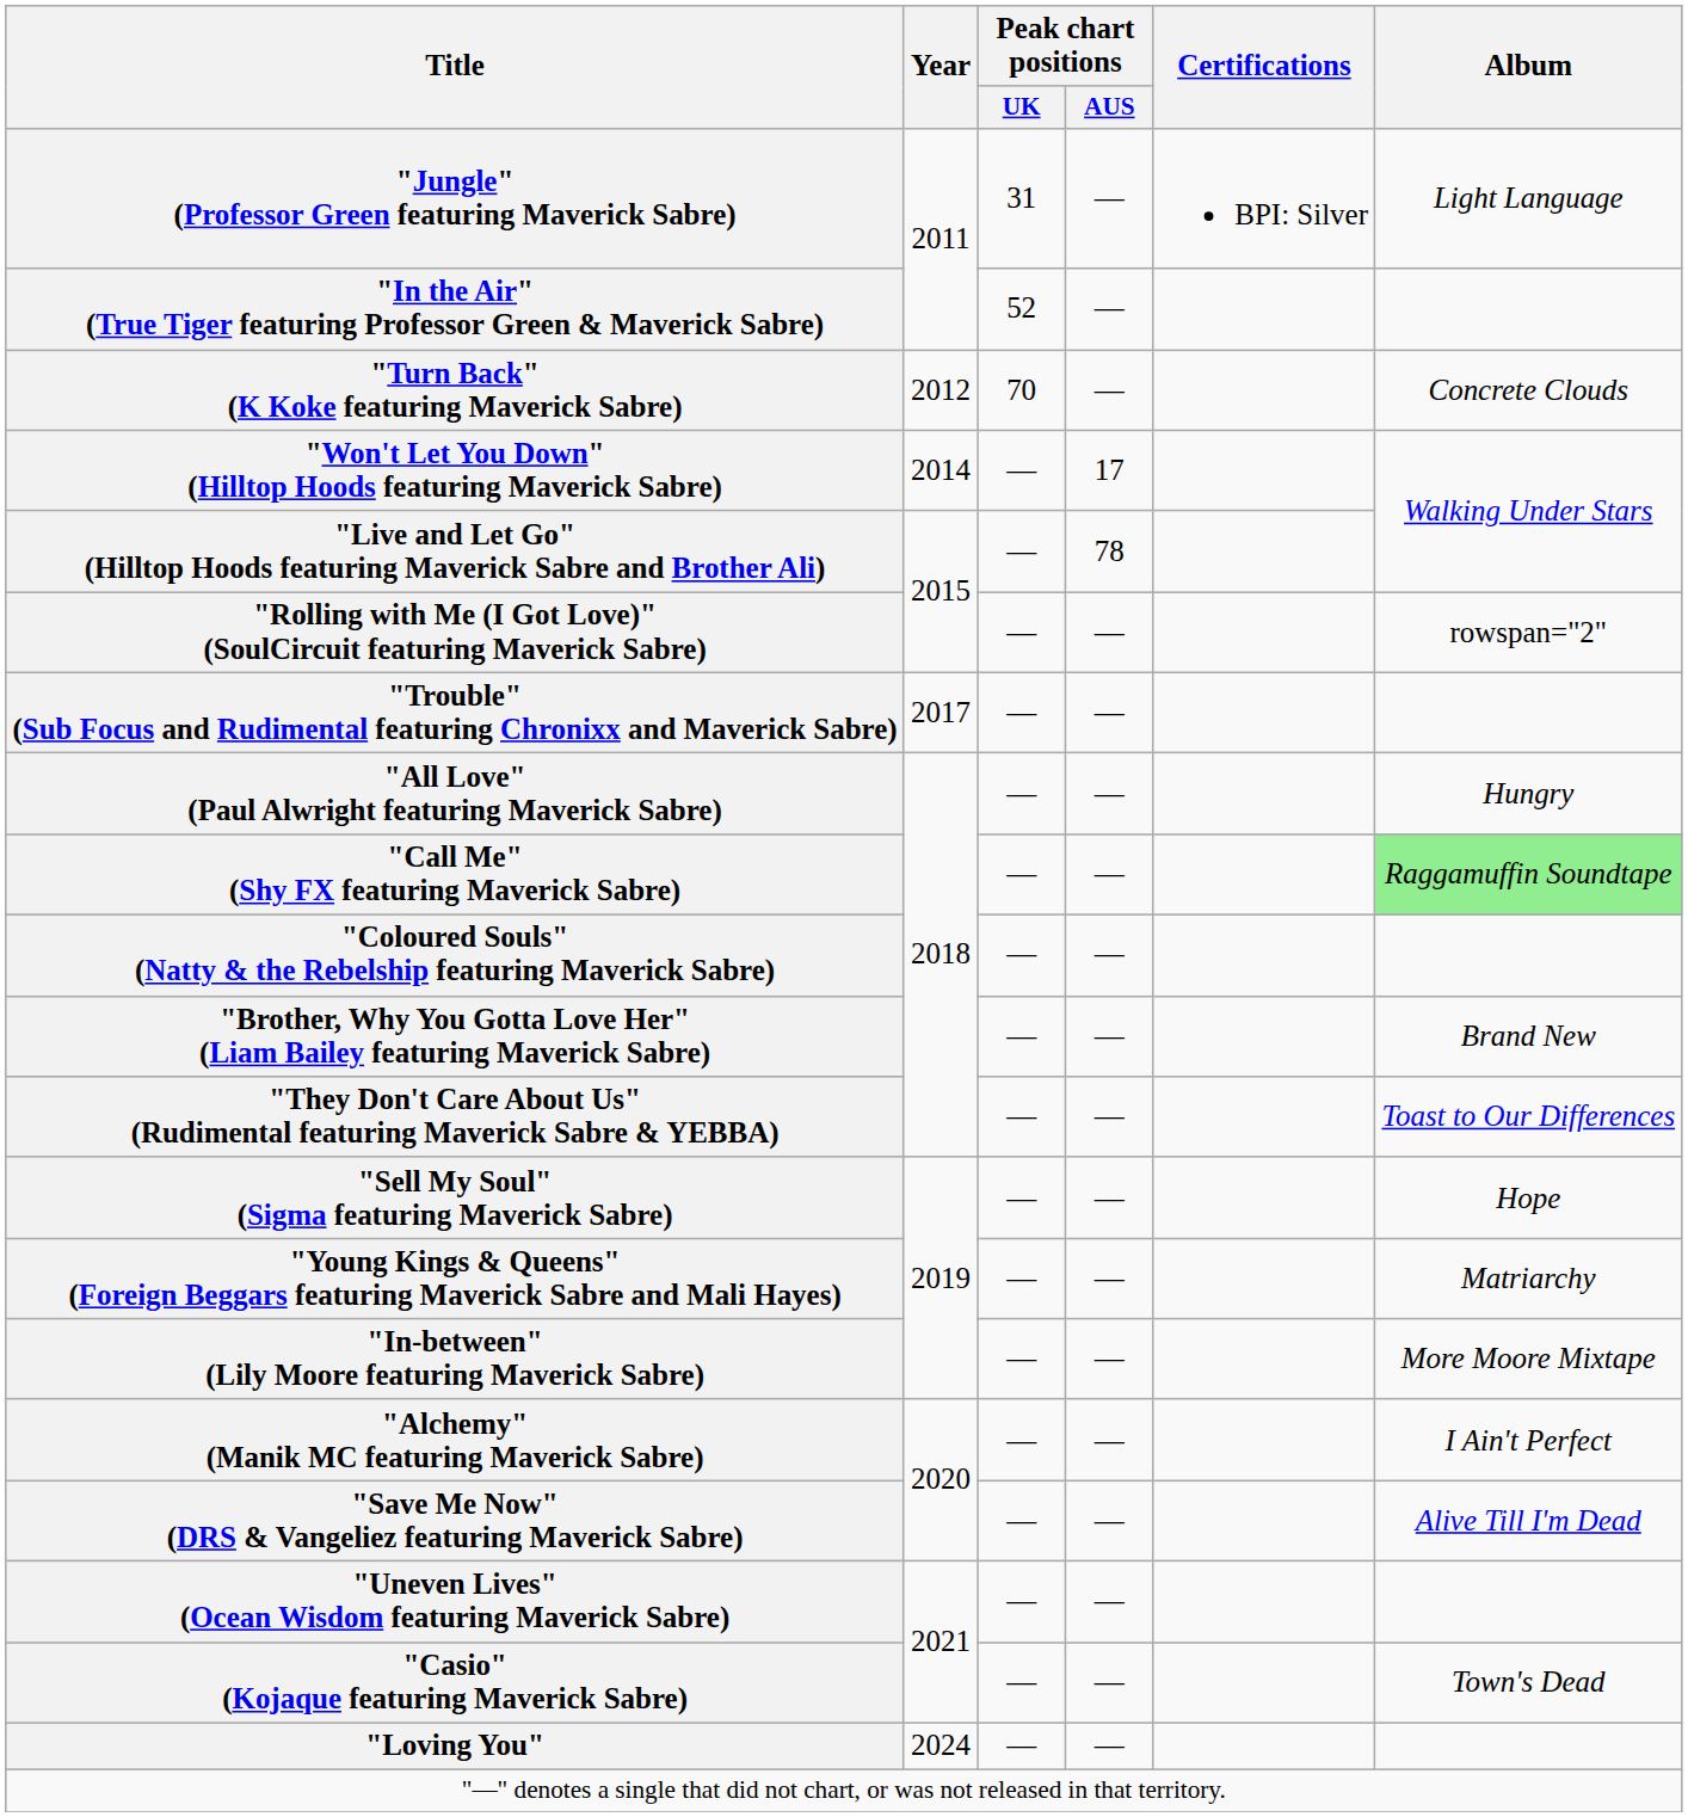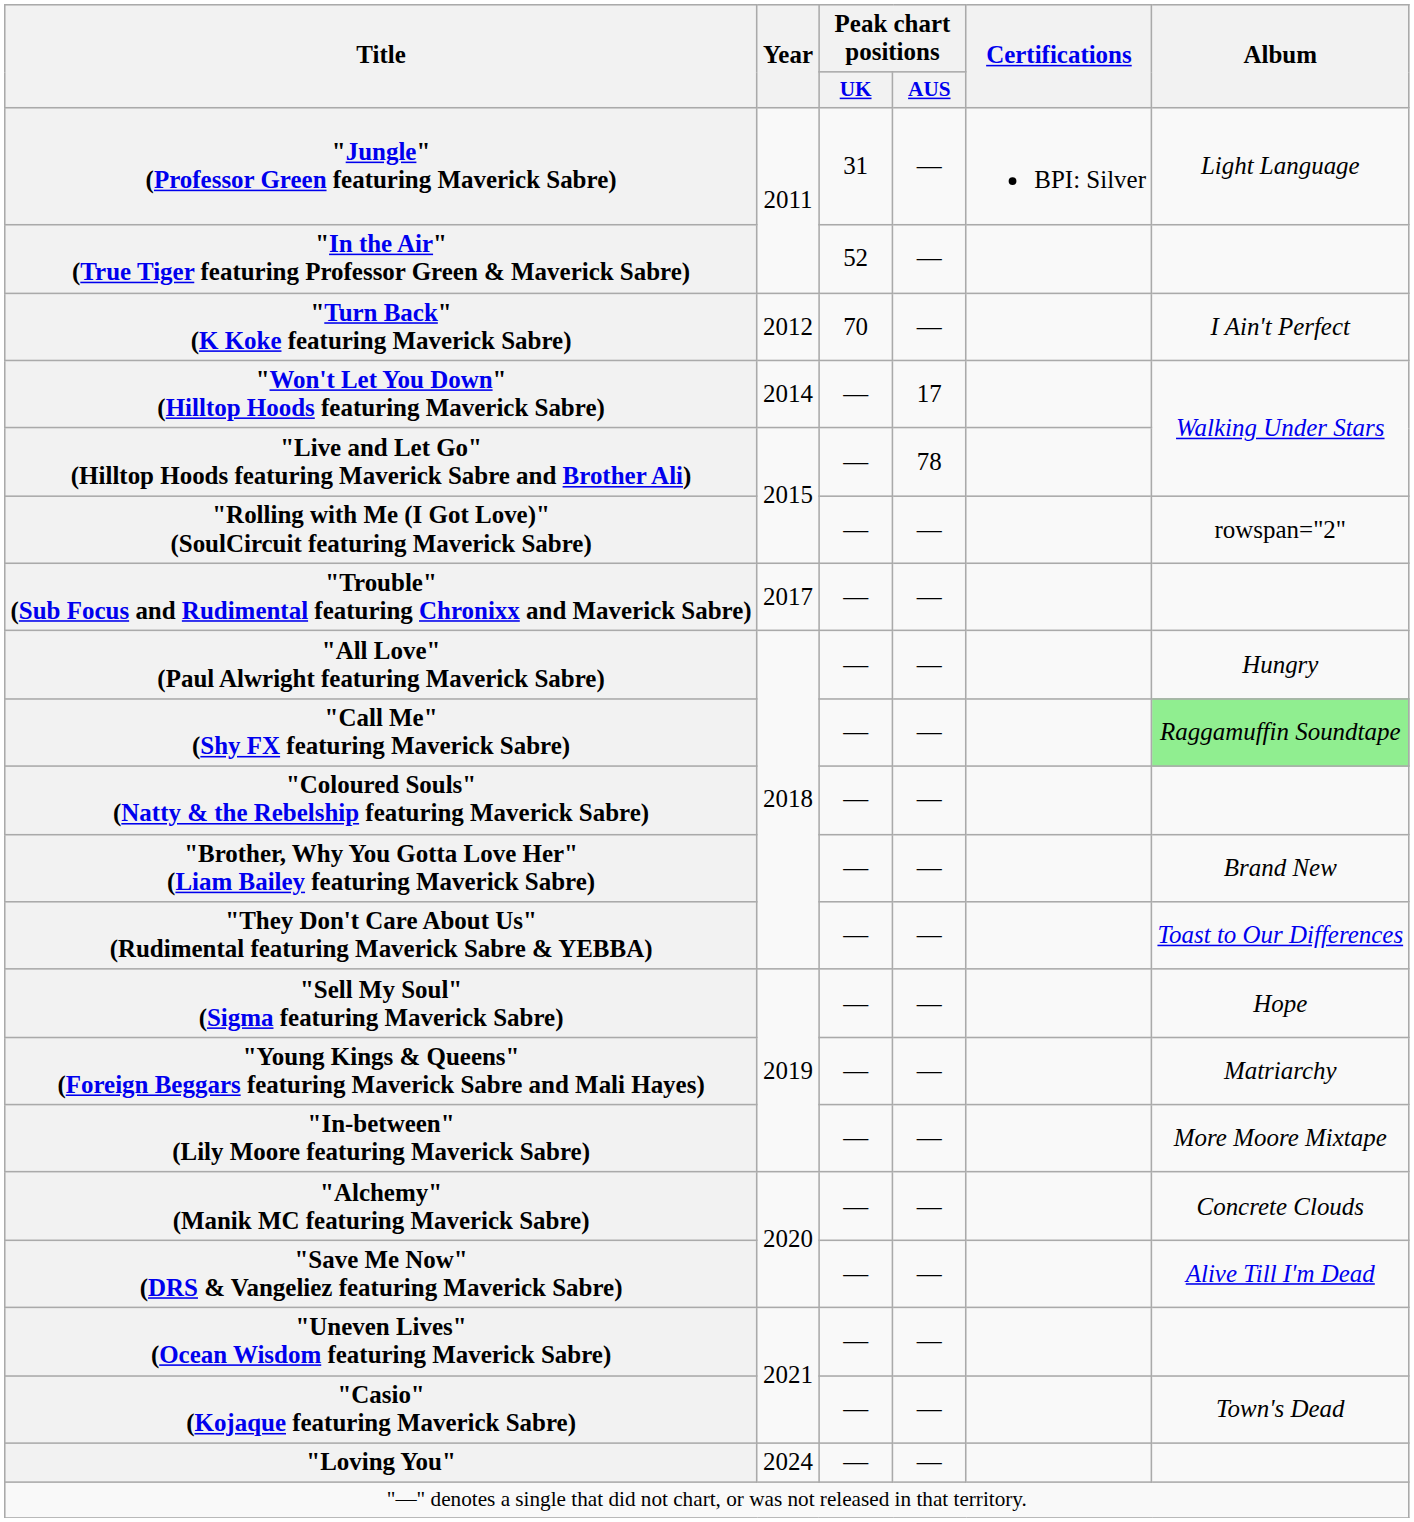 <table class="wikitable plainrowheaders" style="text-align:center;" border="1">
 <tr>
 <th scope="col" rowspan="2">Title</th>
 <th scope="col" rowspan="2">Year</th>
 <th scope="col" colspan="2">Peak chart positions</th>
 <th scope="col" rowspan="2"><a href='#'>Certifications</a></th>
 <th scope="col" rowspan="2">Album</th>
 </tr>
 <tr>
 <th scope="col" style="width:3em;font-size:85%;"><a href='#'>UK</a><br></th>
 <th scope="col" style="width:3em;font-size:85%;"><a href='#'>AUS</a><br></th>
 </tr>
 <tr>
 <th scope="row">"<a href='#'>Jungle</a>"<br><span>(<a href='#'>Professor Green</a> featuring Maverick Sabre)</span></th>
 <td rowspan="2">2011</td>
 <td>31</td>
 <td>—</td>
 <td><br><ul><li>BPI: Silver</li></ul></td>
 <td><em>Light Language</em></td>
 </tr>
 <tr>
 <th scope="row">"<a href='#'>In the Air</a>"<br><span>(<a href='#'>True Tiger</a> featuring Professor Green & Maverick Sabre)</span></th>
 <td>52</td>
 <td>—</td>
 <td></td>
 <td></td>
 </tr>
 <tr>
 <th scope="row">"<a href='#'>Turn Back</a>"<br><span>(<a href='#'>K Koke</a> featuring Maverick Sabre)</span></th>
 <td>2012</td>
 <td>70</td>
 <td>—</td>
 <td></td>
-<td><em>Concrete Clouds</em></td>
+<td><em>I Ain't Perfect</em></td>
 </tr>
 <tr>
 <th scope="row">"<a href='#'>Won't Let You Down</a>"<br><span>(<a href='#'>Hilltop Hoods</a> featuring Maverick Sabre)</span></th>
 <td>2014</td>
 <td>—</td>
 <td>17</td>
 <td></td>
 <td rowspan="2"><em><a href='#'>Walking Under Stars</a></em></td>
 </tr>
 <tr>
 <th scope="row">"Live and Let Go"<br><span>(Hilltop Hoods featuring Maverick Sabre and <a href='#'>Brother Ali</a>)</span></th>
 <td rowspan="2">2015</td>
 <td>—</td>
 <td>78</td>
 <td></td>
 </tr>
 <tr>
 <th scope="row">"Rolling with Me (I Got Love)"<br><span>(SoulCircuit featuring Maverick Sabre)</span></th>
 <td>—</td>
 <td>—</td>
 <td></td>
 <td>rowspan="2" </td>
 </tr>
 <tr>
 <th scope="row">"Trouble"<br><span>(<a href='#'>Sub Focus</a> and <a href='#'>Rudimental</a> featuring <a href='#'>Chronixx</a> and Maverick Sabre)</span></th>
 <td>2017</td>
 <td>—</td>
 <td>—</td>
 <td></td>
 </tr>
 <tr>
 <th scope="row">"All Love"<br><span>(Paul Alwright featuring Maverick Sabre)</span></th>
 <td rowspan="5">2018</td>
 <td>—</td>
 <td>—</td>
 <td></td>
 <td><em>Hungry</em></td>
 </tr>
 <tr>
 <th scope="row">"Call Me"<br><span>(<a href='#'>Shy FX</a> featuring Maverick Sabre)</span></th>
 <td>—</td>
 <td>—</td>
 <td></td>
 <td style="background: lightgreen;"><em>Raggamuffin Soundtape</em></td>
 </tr>
 <tr>
 <th scope="row">"Coloured Souls"<br><span>(<a href='#'>Natty & the Rebelship</a> featuring Maverick Sabre)</span></th>
 <td>—</td>
 <td>—</td>
 <td></td>
 <td></td>
 </tr>
 <tr>
 <th scope="row">"Brother, Why You Gotta Love Her"<br><span>(<a href='#'>Liam Bailey</a> featuring Maverick Sabre)</span></th>
 <td>—</td>
 <td>—</td>
 <td></td>
 <td><em>Brand New</em></td>
 </tr>
 <tr>
 <th scope="row">"They Don't Care About Us"<br><span>(Rudimental featuring Maverick Sabre & YEBBA)</span></th>
 <td>—</td>
 <td>—</td>
 <td></td>
 <td><em><a href='#'>Toast to Our Differences</a></em></td>
 </tr>
 <tr>
 <th scope="row">"Sell My Soul"<br><span>(<a href='#'>Sigma</a> featuring Maverick Sabre)</span></th>
 <td rowspan="3">2019</td>
 <td>—</td>
 <td>—</td>
 <td></td>
 <td><em>Hope</em></td>
 </tr>
 <tr>
 <th scope="row">"Young Kings & Queens"<br><span>(<a href='#'>Foreign Beggars</a> featuring Maverick Sabre and Mali Hayes)</span></th>
 <td>—</td>
 <td>—</td>
 <td></td>
 <td><em>Matriarchy</em></td>
 </tr>
 <tr>
 <th scope="row">"In-between"<br><span>(Lily Moore featuring Maverick Sabre)</span></th>
 <td>—</td>
 <td>—</td>
 <td></td>
 <td><em>More Moore Mixtape</em></td>
 </tr>
 <tr>
 <th scope="row">"Alchemy"<br><span>(Manik MC featuring Maverick Sabre)</span></th>
 <td rowspan="2">2020</td>
 <td>—</td>
 <td>—</td>
 <td></td>
-<td><em>I Ain't Perfect</em></td>
+<td><em>Concrete Clouds</em></td>
 </tr>
 <tr>
 <th scope="row">"Save Me Now"<br><span>(<a href='#'>DRS</a> & Vangeliez featuring Maverick Sabre)</span></th>
 <td>—</td>
 <td>—</td>
 <td></td>
 <td><em><a href='#'>Alive Till I'm Dead</a></em></td>
 </tr>
 <tr>
 <th scope="row">"Uneven Lives"<br><span>(<a href='#'>Ocean Wisdom</a> featuring Maverick Sabre)</span></th>
 <td rowspan="2">2021</td>
 <td>—</td>
 <td>—</td>
 <td></td>
 <td></td>
 </tr>
 <tr>
 <th scope="row">"Casio"<br><span>(<a href='#'>Kojaque</a> featuring Maverick Sabre)</span></th>
 <td>—</td>
 <td>—</td>
 <td></td>
 <td><em>Town's Dead</em></td>
 </tr>
 <tr>
 <th scope="row">"Loving You" <br></th>
 <td>2024</td>
 <td>—</td>
 <td>—</td>
 <td></td>
 <td></td>
 </tr>
 <tr>
 <td colspan="6" style="font-size:85%">"—" denotes a single that did not chart, or was not released in that territory.</td>
 </tr>
 </table>
